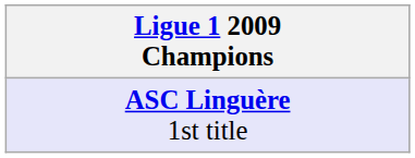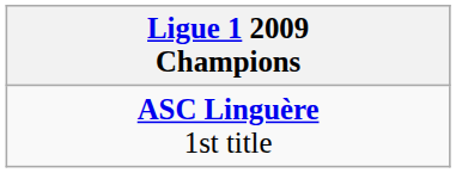 <table class="wikitable" style="margin: 0 auto; width: 240px;">
 <tr>
 <th><a href='#'>Ligue 1</a> 2009<br>Champions</th>
 </tr>
 <tr>
-<td align=center style="background: lavender;"><strong><a href='#'>ASC Linguère</a></strong><br>1st title</td>
+<td align=center><strong><a href='#'>ASC Linguère</a></strong><br>1st title</td>
 </tr>
 </table>
